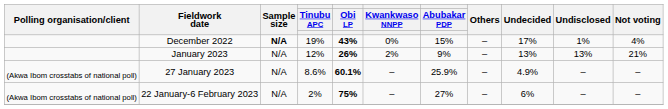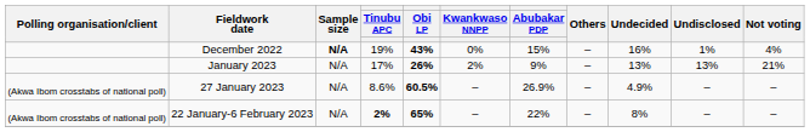 <table class="wikitable" style="text-align:center;font-size:95%;line-height:14px;">
 <tr>
 <th rowspan="3">Polling organisation/client</th>
 <th rowspan="3">Fieldwork<br>date</th>
 <th rowspan="3">Sample<br>size</th>
 <th></th>
 <th></th>
 <th></th>
 <th></th>
 <th rowspan="3">Others</th>
 <th rowspan="3">Undecided</th>
 <th rowspan="3">Undisclosed</th>
 <th rowspan="3">Not voting</th>
 </tr>
 <tr>
 <th><a href='#'>Tinubu</a><br><small><a href='#'>APC</a></small></th>
 <th><a href='#'>Obi</a><br><small><a href='#'>LP</a></small></th>
 <th><a href='#'>Kwankwaso</a><br><small><a href='#'>NNPP</a></small></th>
 <th><a href='#'>Abubakar</a><br><small><a href='#'>PDP</a></small></th>
 </tr>
 <tr>
 <th style="background:"></th>
 <th style="background:"></th>
 <th style="background:"></th>
 <th style="background:"></th>
 </tr>
 <tr>
 <td></td>
 <td>December 2022</td>
 <td><strong>N/A</strong></td>
 <td>19%</td>
 <td><strong>43%</strong></td>
 <td>0%</td>
 <td>15%</td>
 <td>–</td>
-<td>17%</td>
+<td>16%</td>
 <td>1%</td>
 <td>4%</td>
 </tr>
 <tr>
 <td></td>
 <td>January 2023</td>
 <td>N/A</td>
-<td>12%</td>
+<td>17%</td>
 <td><strong>26%</strong></td>
 <td>2%</td>
 <td>9%</td>
 <td>–</td>
 <td>13%</td>
 <td>13%</td>
 <td>21%</td>
 </tr>
 <tr>
 <td><br><small>(Akwa Ibom crosstabs of national poll)</small></td>
 <td>27 January 2023</td>
 <td>N/A</td>
 <td>8.6%</td>
-<td><strong>60.1%</strong></td>
+<td><strong>60.5%</strong></td>
 <td>–</td>
-<td>25.9%</td>
+<td>26.9%</td>
 <td>–</td>
 <td>4.9%</td>
 <td>–</td>
 <td>–</td>
 </tr>
 <tr>
 <td><br><small>(Akwa Ibom crosstabs of national poll)</small></td>
 <td>22 January-6 February 2023</td>
 <td>N/A</td>
-<td>2%</td>
-<td><strong>75%</strong></td>
+<td><strong>2%</strong></td>
+<td><strong>65%</strong></td>
 <td>–</td>
-<td>27%</td>
+<td>22%</td>
 <td>–</td>
-<td>6%</td>
+<td>8%</td>
 <td>–</td>
 <td>–</td>
 </tr>
 <tr>
 </tr>
 </table>
